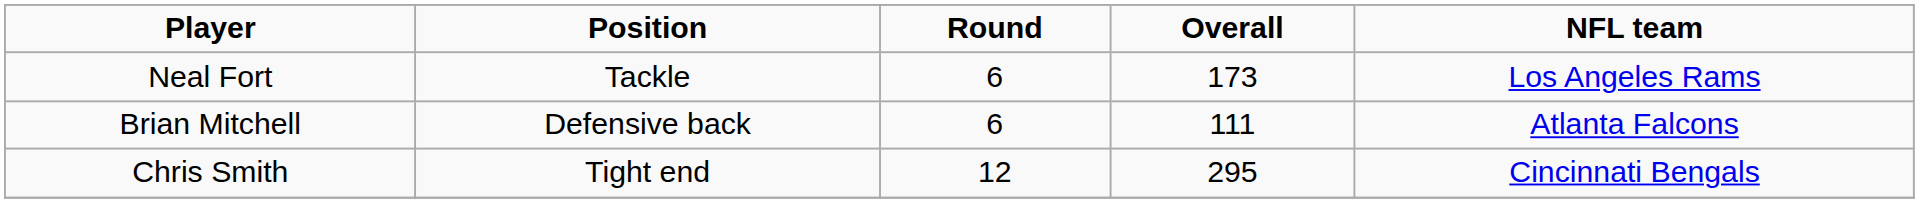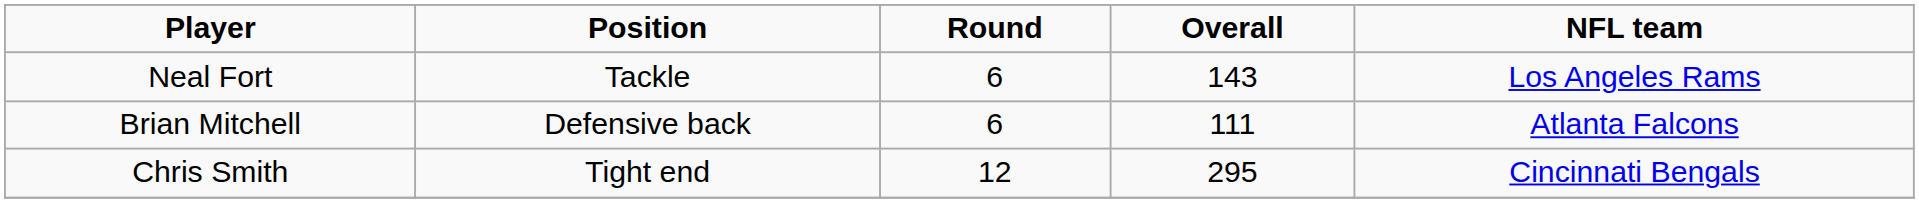 <table class="wikitable" width="80%">
 <tr style="text-align:center; ">
 <td><strong>Player</strong></td>
 <td><strong>Position</strong></td>
 <td><strong>Round</strong></td>
 <td><strong>Overall</strong></td>
 <td><strong>NFL team</strong></td>
 </tr>
 <tr align="center" bgcolor="">
 <td>Neal Fort</td>
 <td>Tackle</td>
 <td>6</td>
-<td>173</td>
+<td>143</td>
 <td><a href='#'>Los Angeles Rams</a></td>
 </tr>
 <tr align="center" bgcolor="">
 <td>Brian Mitchell</td>
 <td>Defensive back</td>
 <td>6</td>
 <td>111</td>
 <td><a href='#'>Atlanta Falcons</a></td>
 </tr>
 <tr align="center" bgcolor="">
 <td>Chris Smith</td>
 <td>Tight end</td>
 <td>12</td>
 <td>295</td>
 <td><a href='#'>Cincinnati Bengals</a></td>
 </tr>
 <tr align="center" bgcolor="">
 </tr>
 </table>
